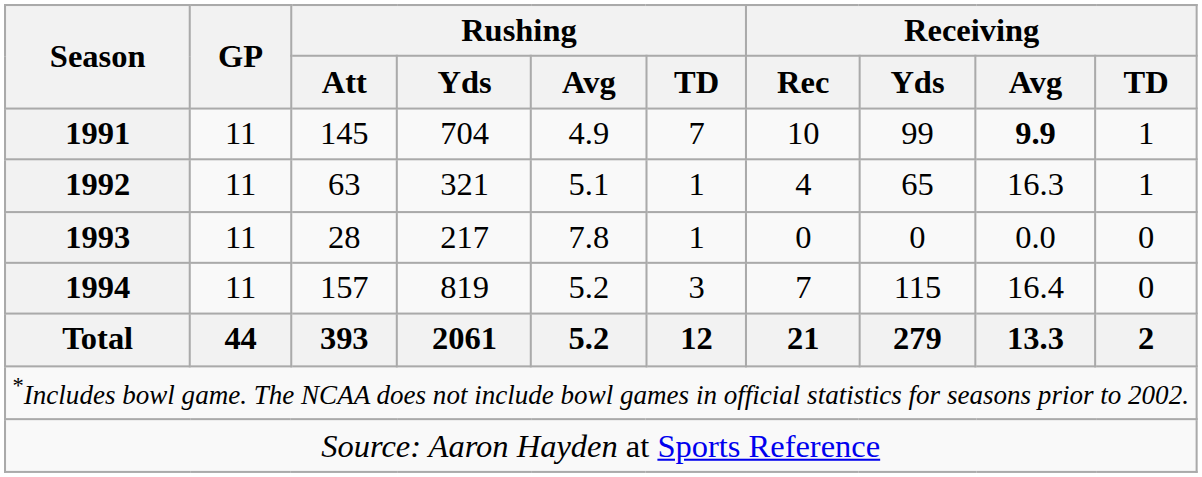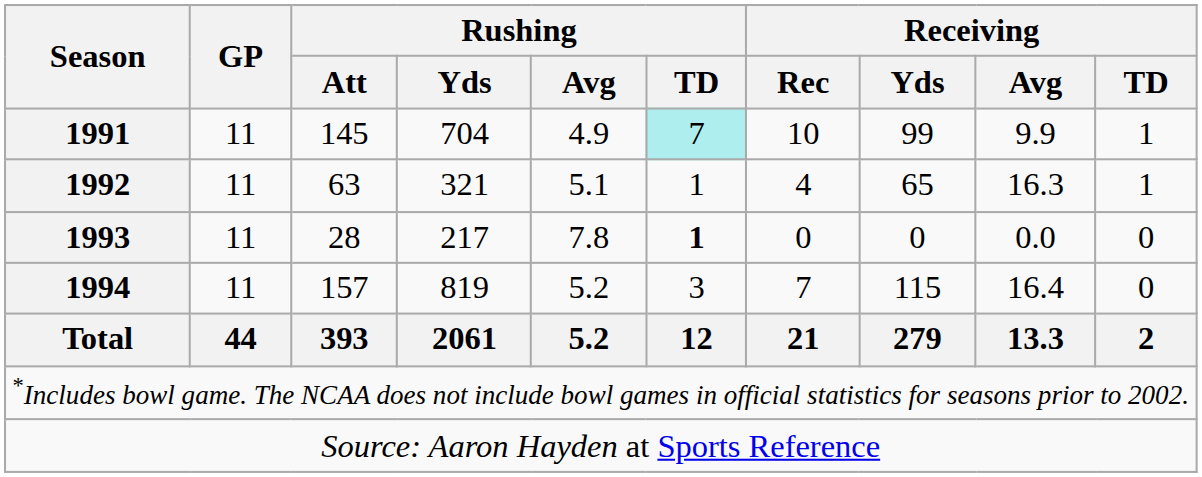 <table class="wikitable" style="text-align:center;">
 <tr>
 <th rowspan="2">Season</th>
 <th rowspan="2">GP</th>
 <th colspan="4">Rushing</th>
 <th colspan="4">Receiving</th>
 </tr>
 <tr>
 <th>Att</th>
 <th>Yds</th>
 <th>Avg</th>
 <th>TD</th>
 <th>Rec</th>
 <th>Yds</th>
 <th>Avg</th>
 <th>TD</th>
 </tr>
 <tr>
 <th>1991</th>
 <td>11</td>
 <td>145</td>
 <td>704</td>
 <td>4.9</td>
-<td>7</td>
+<td style="background: paleturquoise;">7</td>
 <td>10</td>
 <td>99</td>
-<td><strong>9.9</strong></td>
+<td>9.9</td>
 <td>1</td>
 </tr>
 <tr>
 <th>1992</th>
 <td>11</td>
 <td>63</td>
 <td>321</td>
 <td>5.1</td>
 <td>1</td>
 <td>4</td>
 <td>65</td>
 <td>16.3</td>
 <td>1</td>
 </tr>
 <tr>
 <th>1993</th>
 <td>11</td>
 <td>28</td>
 <td>217</td>
 <td>7.8</td>
-<td>1</td>
+<td><strong>1</strong></td>
 <td>0</td>
 <td>0</td>
 <td>0.0</td>
 <td>0</td>
 </tr>
 <tr>
 <th>1994</th>
 <td>11</td>
 <td>157</td>
 <td>819</td>
 <td>5.2</td>
 <td>3</td>
 <td>7</td>
 <td>115</td>
 <td>16.4</td>
 <td>0</td>
 </tr>
 <tr>
 <th>Total</th>
 <th>44</th>
 <th>393</th>
 <th>2061</th>
 <th>5.2</th>
 <th>12</th>
 <th>21</th>
 <th>279</th>
 <th>13.3</th>
 <th>2</th>
 </tr>
 <tr>
 <td colspan="11"><small><sup>*</sup><em>Includes bowl game. The NCAA does not include bowl games in official statistics for seasons prior to 2002.</em></small></td>
 </tr>
 <tr>
 <td colspan="11"><em>Source: Aaron Hayden</em> at <a href='#'>Sports Reference</a></td>
 </tr>
 </table>
